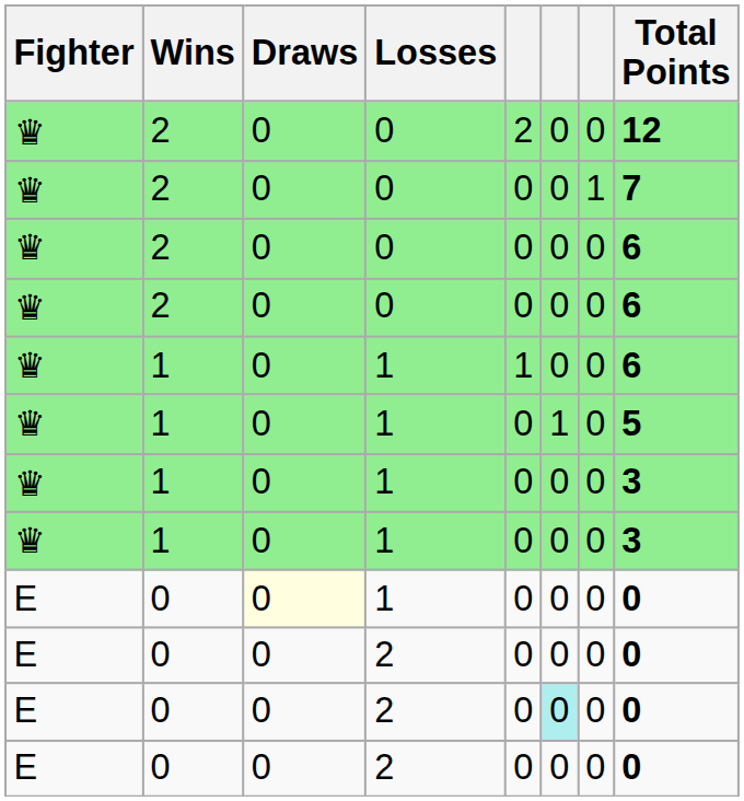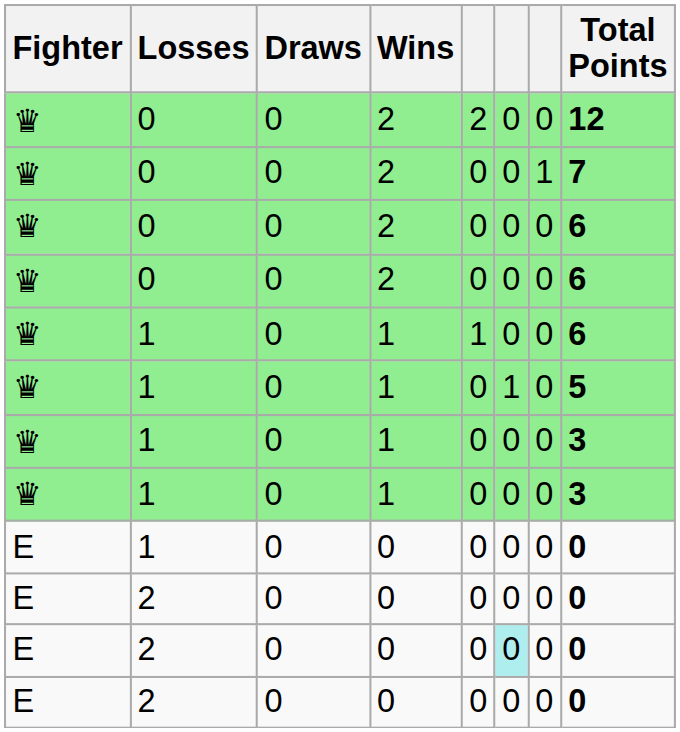 <table class="wikitable sortable">
 <tr>
 <th>Fighter</th>
+<th>Losses</th>
+<th>Draws</th>
 <th>Wins</th>
-<th>Draws</th>
-<th>Losses</th>
 <th></th>
 <th></th>
 <th></th>
 <th>Total<br> Points</th>
 </tr>
 <tr style="background:#90EE90;">
 <td>♛   </td>
-<td>2</td>
 <td>0</td>
 <td>0</td>
+<td>2</td>
 <td>2</td>
 <td>0</td>
 <td>0</td>
 <td><strong>12</strong></td>
 </tr>
 <tr style="background:#90EE90;">
 <td>♛   </td>
-<td>2</td>
 <td>0</td>
 <td>0</td>
+<td>2</td>
 <td>0</td>
 <td>0</td>
 <td>1</td>
 <td><strong>7</strong></td>
 </tr>
 <tr style="background:#90EE90;">
 <td>♛  </td>
-<td>2</td>
 <td>0</td>
 <td>0</td>
+<td>2</td>
 <td>0</td>
 <td>0</td>
 <td>0</td>
 <td><strong>6</strong></td>
 </tr>
 <tr style="background:#90EE90;">
 <td>♛  </td>
-<td>2</td>
 <td>0</td>
 <td>0</td>
+<td>2</td>
 <td>0</td>
 <td>0</td>
 <td>0</td>
 <td><strong>6</strong></td>
 </tr>
 <tr style="background:#90EE90;">
 <td>♛   </td>
 <td>1</td>
 <td>0</td>
 <td>1</td>
 <td>1</td>
 <td>0</td>
 <td>0</td>
 <td><strong>6</strong></td>
 </tr>
 <tr style="background:#90EE90;">
 <td>♛  </td>
 <td>1</td>
 <td>0</td>
 <td>1</td>
 <td>0</td>
 <td>1</td>
 <td>0</td>
 <td><strong>5</strong></td>
 </tr>
 <tr style="background:#90EE90;">
 <td>♛   </td>
 <td>1</td>
 <td>0</td>
 <td>1</td>
 <td>0</td>
 <td>0</td>
 <td>0</td>
 <td><strong>3</strong></td>
 </tr>
 <tr style="background:#90EE90;">
 <td>♛   </td>
 <td>1</td>
 <td>0</td>
 <td>1</td>
 <td>0</td>
 <td>0</td>
 <td>0</td>
 <td><strong>3</strong></td>
 </tr>
 <tr>
 <td>E   </td>
+<td>1</td>
 <td>0</td>
-<td style="background: lightyellow;">0</td>
-<td>1</td>
+<td>0</td>
 <td>0</td>
 <td>0</td>
 <td>0</td>
 <td><strong>0</strong></td>
 </tr>
 <tr>
 <td>E   </td>
+<td>2</td>
 <td>0</td>
 <td>0</td>
-<td>2</td>
 <td>0</td>
 <td>0</td>
 <td>0</td>
 <td><strong>0</strong></td>
 </tr>
 <tr>
 <td>E   </td>
+<td>2</td>
 <td>0</td>
 <td>0</td>
-<td>2</td>
 <td>0</td>
 <td style="background: paleturquoise;">0</td>
 <td>0</td>
 <td><strong>0</strong></td>
 </tr>
 <tr>
 <td>E  </td>
+<td>2</td>
 <td>0</td>
 <td>0</td>
-<td>2</td>
 <td>0</td>
 <td>0</td>
 <td>0</td>
 <td><strong>0</strong></td>
 </tr>
 </table>
